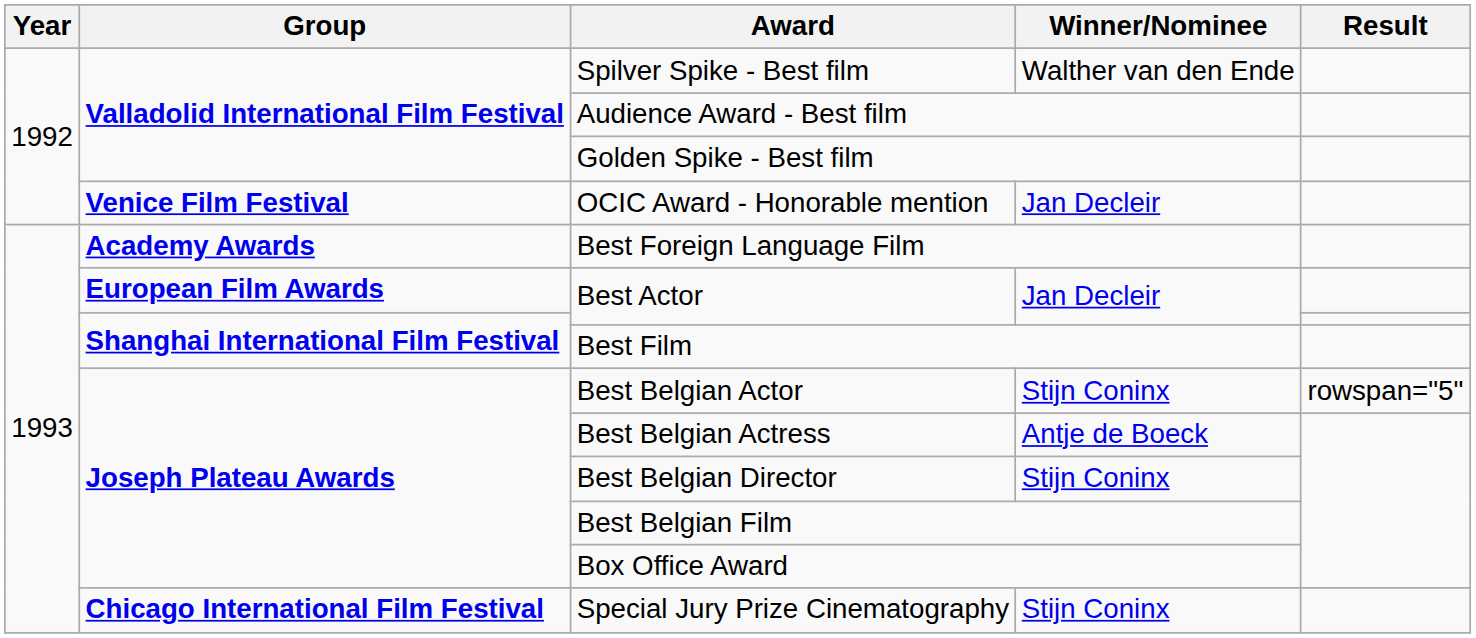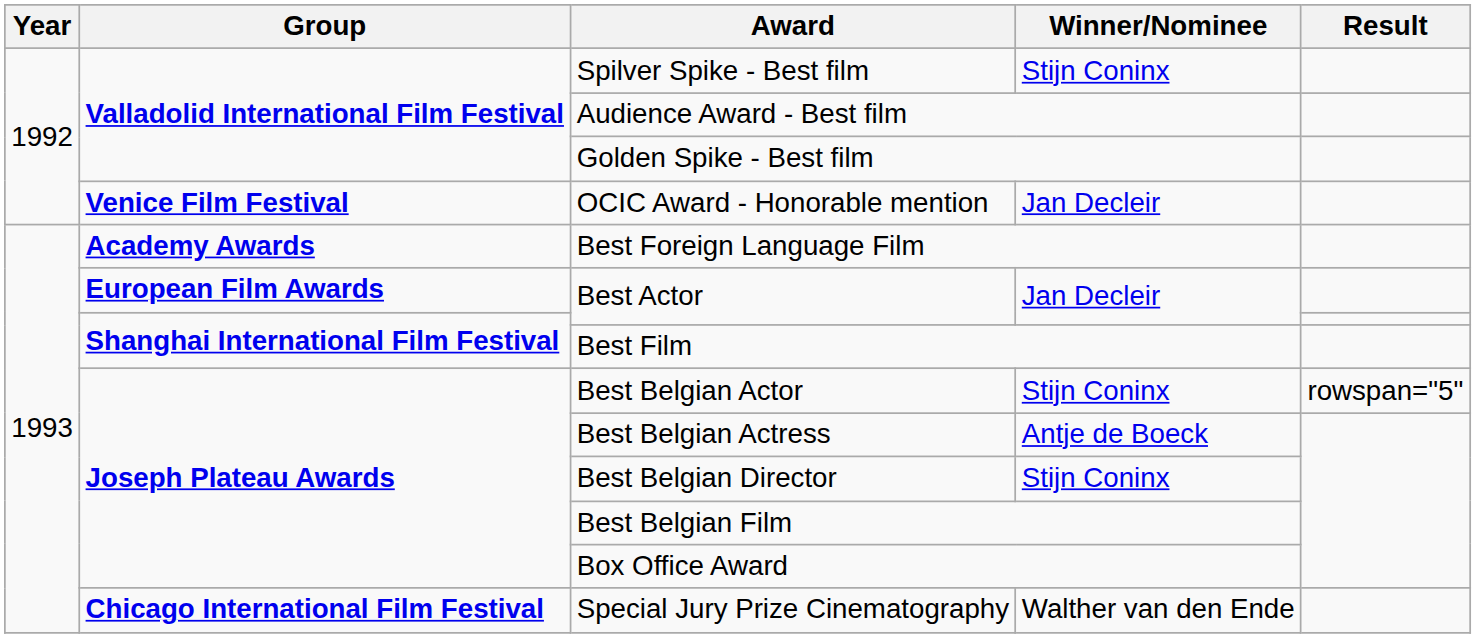 <table class="wikitable">
 <tr>
 <th>Year</th>
 <th>Group</th>
 <th>Award</th>
 <th>Winner/Nominee</th>
 <th>Result</th>
 </tr>
 <tr>
 <td rowspan="4">1992</td>
 <td rowspan="3"><strong><a href='#'>Valladolid International Film Festival</a></strong></td>
 <td>Spilver Spike - Best film</td>
-<td>Walther van den Ende</td>
+<td><a href='#'>Stijn Coninx</a></td>
 <td></td>
 </tr>
 <tr>
 <td colspan="2">Audience Award - Best film</td>
 <td></td>
 </tr>
 <tr>
 <td colspan="2">Golden Spike - Best film</td>
 <td></td>
 </tr>
 <tr>
 <td><strong><a href='#'>Venice Film Festival</a></strong></td>
 <td>OCIC Award - Honorable mention</td>
 <td><a href='#'>Jan Decleir</a></td>
 <td></td>
 </tr>
 <tr>
 <td rowspan="10">1993</td>
 <td><strong><a href='#'>Academy Awards</a></strong></td>
 <td colspan="2">Best Foreign Language Film</td>
 <td></td>
 </tr>
 <tr>
 <td><strong><a href='#'>European Film Awards</a></strong></td>
 <td rowspan="2">Best Actor</td>
 <td rowspan="2"><a href='#'>Jan Decleir</a></td>
 <td></td>
 </tr>
 <tr>
 <td rowspan="2"><strong><a href='#'>Shanghai International Film Festival</a></strong></td>
 <td></td>
 </tr>
 <tr>
 <td colspan="2">Best Film</td>
 <td></td>
 </tr>
 <tr>
 <td rowspan="5"><strong><a href='#'>Joseph Plateau Awards</a></strong></td>
 <td>Best Belgian Actor</td>
 <td><a href='#'>Stijn Coninx</a></td>
 <td>rowspan="5" </td>
 </tr>
 <tr>
 <td>Best Belgian Actress</td>
 <td><a href='#'>Antje de Boeck</a></td>
 </tr>
 <tr>
 <td>Best Belgian Director</td>
 <td><a href='#'>Stijn Coninx</a></td>
 </tr>
 <tr>
 <td colspan="2">Best Belgian Film</td>
 </tr>
 <tr>
 <td colspan="2">Box Office Award</td>
 </tr>
 <tr>
 <td><strong><a href='#'>Chicago International Film Festival</a></strong></td>
 <td>Special Jury Prize Cinematography</td>
-<td><a href='#'>Stijn Coninx</a></td>
+<td>Walther van den Ende</td>
 <td></td>
 </tr>
 </table>
